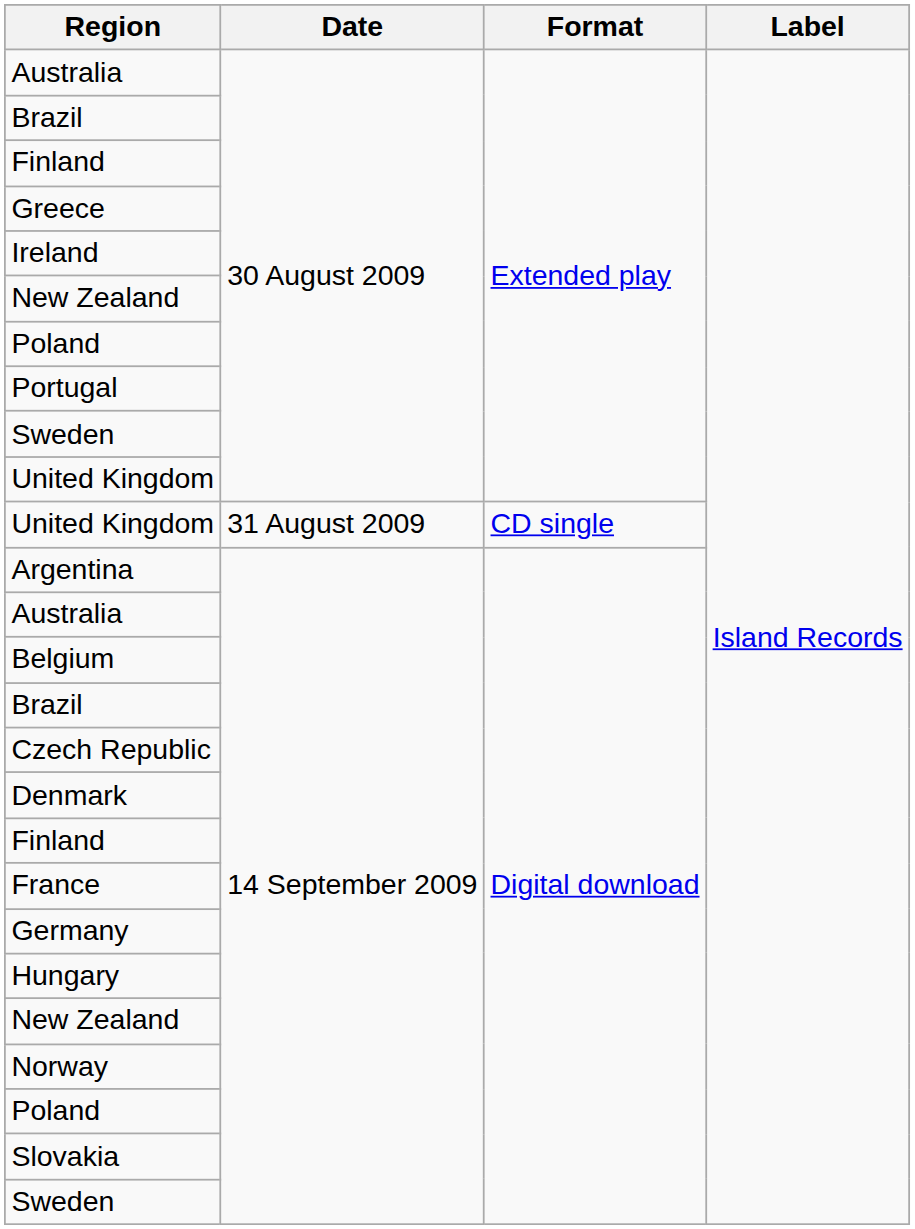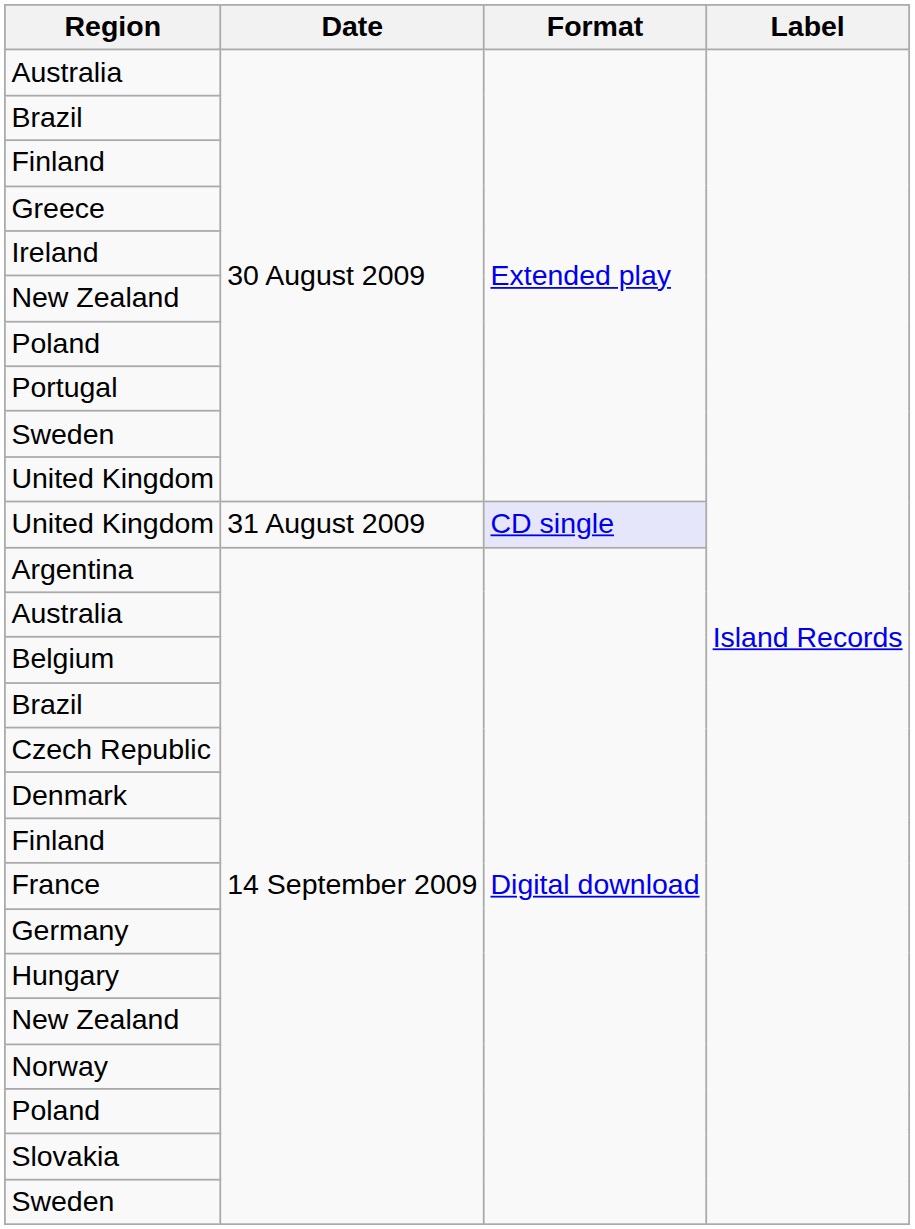 <table class=wikitable>
 <tr>
 <th>Region</th>
 <th>Date</th>
 <th>Format</th>
 <th>Label</th>
 </tr>
 <tr>
 <td>Australia</td>
 <td rowspan="10">30 August 2009</td>
 <td rowspan="10"><a href='#'>Extended play</a></td>
 <td rowspan="26"><a href='#'>Island Records</a></td>
 </tr>
 <tr>
 <td>Brazil</td>
 </tr>
 <tr>
 <td>Finland</td>
 </tr>
 <tr>
 <td>Greece</td>
 </tr>
 <tr>
 <td>Ireland</td>
 </tr>
 <tr>
 <td>New Zealand</td>
 </tr>
 <tr>
 <td>Poland</td>
 </tr>
 <tr>
 <td>Portugal</td>
 </tr>
 <tr>
 <td>Sweden</td>
 </tr>
 <tr>
 <td>United Kingdom</td>
 </tr>
 <tr>
 <td>United Kingdom</td>
 <td>31 August 2009</td>
-<td><a href='#'>CD single</a></td>
+<td style="background: lavender;"><a href='#'>CD single</a></td>
 </tr>
 <tr>
 <td>Argentina</td>
 <td rowspan="15">14 September 2009</td>
 <td rowspan="15"><a href='#'>Digital download</a></td>
 </tr>
 <tr>
 <td>Australia</td>
 </tr>
 <tr>
 <td>Belgium</td>
 </tr>
 <tr>
 <td>Brazil</td>
 </tr>
 <tr>
 <td>Czech Republic</td>
 </tr>
 <tr>
 <td>Denmark</td>
 </tr>
 <tr>
 <td>Finland</td>
 </tr>
 <tr>
 <td>France</td>
 </tr>
 <tr>
 <td>Germany</td>
 </tr>
 <tr>
 <td>Hungary</td>
 </tr>
 <tr>
 <td>New Zealand</td>
 </tr>
 <tr>
 <td>Norway</td>
 </tr>
 <tr>
 <td>Poland</td>
 </tr>
 <tr>
 <td>Slovakia</td>
 </tr>
 <tr>
 <td>Sweden</td>
 </tr>
 </table>
